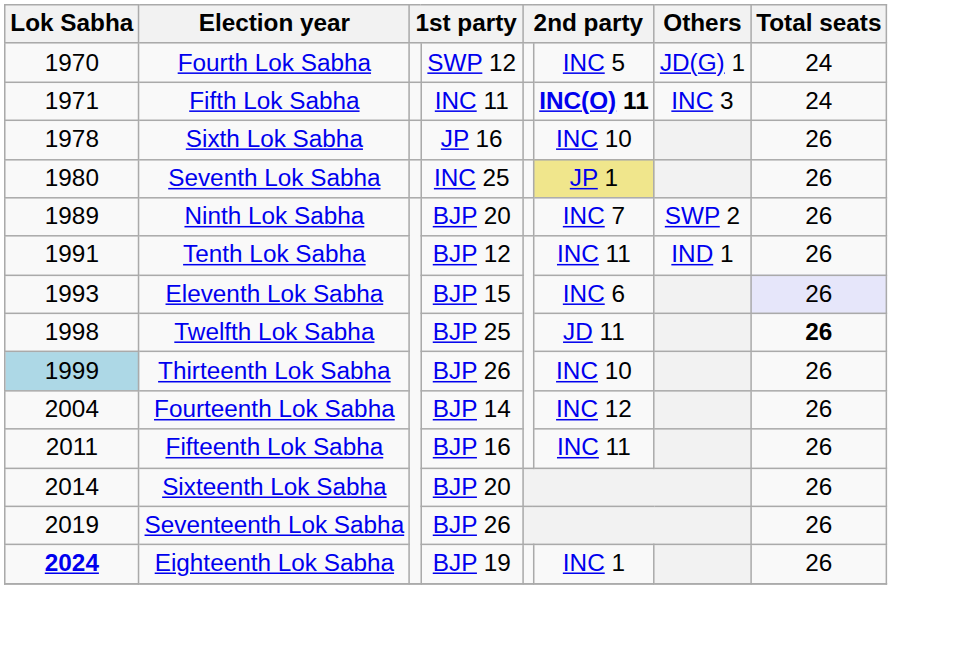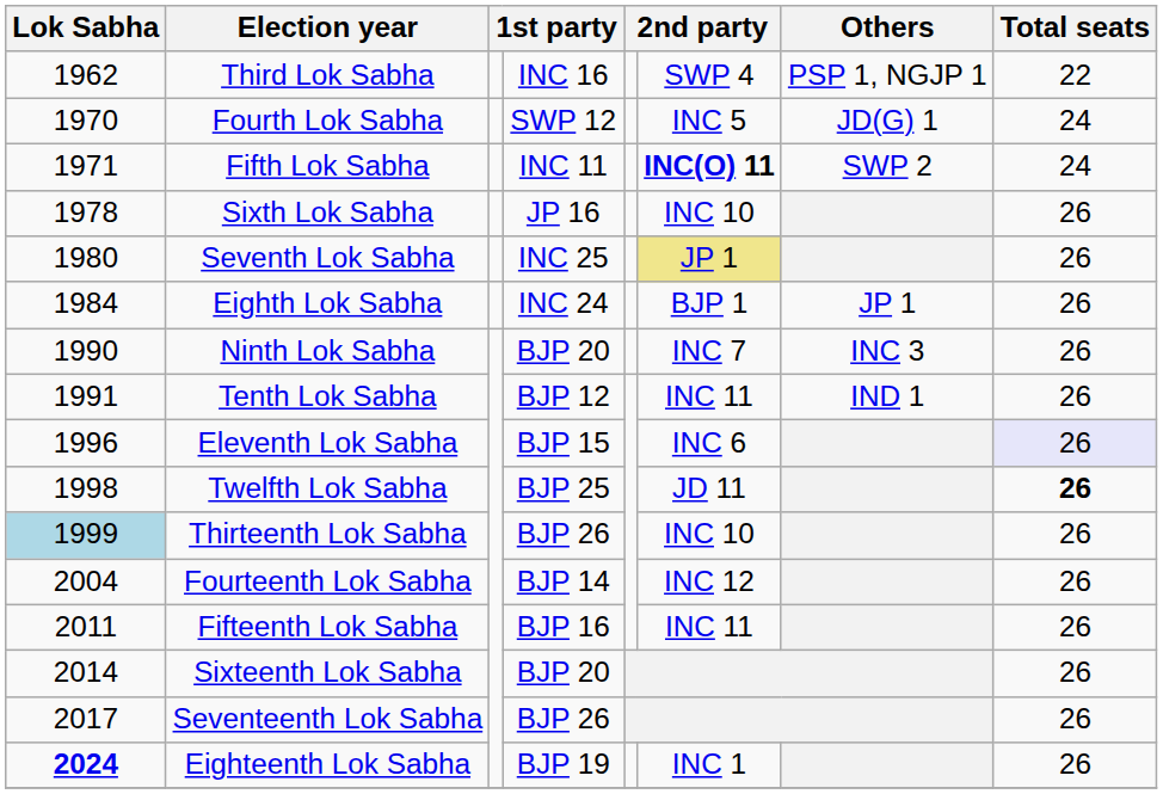 <table class="wikitable" style="text-align:center">
 <tr>
 <th>Lok Sabha</th>
 <th>Election year</th>
 <th colspan="2">1st party</th>
 <th colspan="2">2nd party</th>
 <th>Others</th>
 <th>Total seats</th>
+</tr>
+<tr>
+<td>1962</td>
+<td><a href='#'>Third Lok Sabha</a></td>
+<td style="background-color: "></td>
+<td><a href='#'>INC</a> 16</td>
+<td style="background-color: "></td>
+<td><a href='#'>SWP</a> 4</td>
+<td><a href='#'>PSP</a> 1, NGJP 1</td>
+<td>22</td>
 </tr>
 <tr>
 <td>1970</td>
 <td><a href='#'>Fourth Lok Sabha</a></td>
 <td style="background-color: "></td>
 <td><a href='#'>SWP</a> 12</td>
 <td style="background-color: "></td>
 <td><a href='#'>INC</a> 5</td>
 <td><a href='#'>JD(G)</a> 1</td>
 <td>24</td>
 </tr>
 <tr>
 <td>1971</td>
 <td><a href='#'>Fifth Lok Sabha</a></td>
 <td style="background-color: "></td>
 <td><a href='#'>INC</a> 11</td>
 <td style="background-color: "></td>
 <td><strong><a href='#'>INC(O)</a> 11</strong></td>
-<td><a href='#'>INC</a> 3</td>
+<td><a href='#'>SWP</a> 2</td>
 <td>24</td>
 </tr>
 <tr>
 <td>1978</td>
 <td><a href='#'>Sixth Lok Sabha</a></td>
 <td style="background-color: "></td>
 <td><a href='#'>JP</a> 16</td>
 <td style="background-color: "></td>
 <td><a href='#'>INC</a> 10</td>
 <th></th>
 <td>26</td>
 </tr>
 <tr>
 <td>1980</td>
 <td><a href='#'>Seventh Lok Sabha</a></td>
 <td style="background-color: "></td>
 <td><a href='#'>INC</a> 25</td>
 <td style="background-color: "></td>
 <td style="background: khaki;"><a href='#'>JP</a> 1</td>
 <th></th>
 <td>26</td>
 </tr>
 <tr>
-<td>1989</td>
+<td>1984</td>
+<td><a href='#'>Eighth Lok Sabha</a></td>
+<td style="background-color: "></td>
+<td><a href='#'>INC</a> 24</td>
+<td style="background-color: "></td>
+<td><a href='#'>BJP</a> 1</td>
+<td><a href='#'>JP</a> 1</td>
+<td>26</td>
+</tr>
+<tr>
+<td>1990</td>
 <td><a href='#'>Ninth Lok Sabha</a></td>
 <td rowspan=10 style="background-color: "></td>
 <td><a href='#'>BJP</a> 20</td>
 <td style="background-color: "></td>
 <td><a href='#'>INC</a> 7</td>
-<td><a href='#'>SWP</a> 2</td>
+<td><a href='#'>INC</a> 3</td>
 <td>26</td>
 </tr>
 <tr>
 <td>1991</td>
 <td><a href='#'>Tenth Lok Sabha</a></td>
 <td><a href='#'>BJP</a> 12</td>
 <td rowspan=6 style="background-color: "></td>
 <td><a href='#'>INC</a> 11</td>
 <td><a href='#'>IND</a>  1</td>
 <td>26</td>
 </tr>
 <tr>
-<td>1993</td>
+<td>1996</td>
 <td><a href='#'>Eleventh Lok Sabha</a></td>
 <td><a href='#'>BJP</a> 15</td>
 <td><a href='#'>INC</a> 6</td>
 <th></th>
 <td style="background: lavender;">26</td>
 </tr>
 <tr>
 <td>1998</td>
 <td><a href='#'>Twelfth Lok Sabha</a></td>
 <td><a href='#'>BJP</a> 25</td>
 <td><a href='#'>JD</a> 11</td>
 <th></th>
 <td><strong>26</strong></td>
 </tr>
 <tr --->
 <td style="background: lightblue;">1999</td>
 <td><a href='#'>Thirteenth Lok Sabha</a></td>
 <td><a href='#'>BJP</a> 26</td>
 <td><a href='#'>INC</a> 10</td>
 <th></th>
 <td>26</td>
 </tr>
 <tr>
 <td>2004</td>
 <td><a href='#'>Fourteenth Lok Sabha</a></td>
 <td><a href='#'>BJP</a> 14</td>
 <td><a href='#'>INC</a> 12</td>
 <th></th>
 <td>26</td>
 </tr>
 <tr>
 <td>2011</td>
 <td><a href='#'>Fifteenth Lok Sabha</a></td>
 <td><a href='#'>BJP</a> 16</td>
 <td><a href='#'>INC</a> 11</td>
 <th></th>
 <td>26</td>
 </tr>
 <tr>
 <td>2014</td>
 <td><a href='#'>Sixteenth Lok Sabha</a></td>
 <td><a href='#'>BJP</a> 20</td>
 <th colspan=3></th>
 <td>26</td>
 </tr>
 <tr>
-<td>2019</td>
+<td>2017</td>
 <td><a href='#'>Seventeenth Lok Sabha</a></td>
 <td><a href='#'>BJP</a> 26</td>
 <th colspan=3></th>
 <td>26</td>
 </tr>
 <tr>
 <td><strong><a href='#'>2024</a></strong></td>
 <td><a href='#'>Eighteenth Lok Sabha</a></td>
 <td><a href='#'>BJP</a> 19</td>
 <td style="background-color: "></td>
 <td><a href='#'>INC</a> 1</td>
 <th></th>
 <td>26</td>
 </tr>
 <tr>
 </tr>
 </table>
